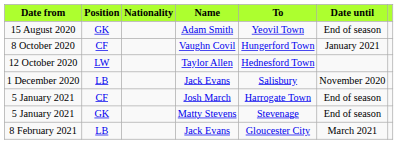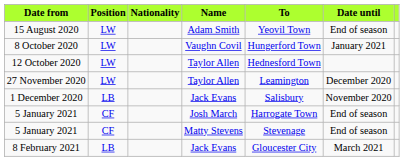 <table class="wikitable"  style="text-align:center; font-size:90%; ">
 <tr>
 <th style="background:#ADFF2F;color:black;">Date from</th>
 <th style="background:#ADFF2F;color:black;">Position</th>
 <th style="background:#ADFF2F;color:black;">Nationality</th>
 <th style="background:#ADFF2F;color:black;">Name</th>
 <th style="background:#ADFF2F;color:black;">To</th>
 <th style="background:#ADFF2F;color:black;">Date until</th>
 <th style="background:#ADFF2F;color:black;"></th>
 </tr>
 <tr>
 <td>15 August 2020</td>
-<td><a href='#'>GK</a></td>
+<td><a href='#'>LW</a></td>
 <td></td>
 <td><a href='#'>Adam Smith</a></td>
 <td> <a href='#'>Yeovil Town</a></td>
 <td>End of season</td>
 <td></td>
 </tr>
 <tr>
 <td>8 October 2020</td>
-<td><a href='#'>CF</a></td>
+<td><a href='#'>LW</a></td>
 <td></td>
 <td><a href='#'>Vaughn Covil</a></td>
 <td> <a href='#'>Hungerford Town</a></td>
 <td>January 2021</td>
 <td></td>
 </tr>
 <tr>
 <td>12 October 2020</td>
 <td><a href='#'>LW</a></td>
 <td></td>
 <td><a href='#'>Taylor Allen</a></td>
 <td> <a href='#'>Hednesford Town</a></td>
 <td></td>
+<td></td>
+</tr>
+<tr>
+<td>27 November 2020</td>
+<td><a href='#'>LW</a></td>
+<td></td>
+<td><a href='#'>Taylor Allen</a></td>
+<td> <a href='#'>Leamington</a></td>
+<td>December 2020</td>
 <td></td>
 </tr>
 <tr>
 <td>1 December 2020</td>
 <td><a href='#'>LB</a></td>
 <td></td>
 <td><a href='#'>Jack Evans</a></td>
 <td> <a href='#'>Salisbury</a></td>
 <td>November 2020</td>
 <td></td>
 </tr>
 <tr>
 <td>5 January 2021</td>
 <td><a href='#'>CF</a></td>
 <td></td>
 <td><a href='#'>Josh March</a></td>
 <td> <a href='#'>Harrogate Town</a></td>
 <td>End of season</td>
 <td></td>
 </tr>
 <tr>
 <td>5 January 2021</td>
-<td><a href='#'>GK</a></td>
+<td><a href='#'>CF</a></td>
 <td></td>
 <td><a href='#'>Matty Stevens</a></td>
 <td> <a href='#'>Stevenage</a></td>
 <td>End of season</td>
 <td></td>
 </tr>
 <tr>
 <td>8 February 2021</td>
 <td><a href='#'>LB</a></td>
 <td></td>
 <td><a href='#'>Jack Evans</a></td>
 <td> <a href='#'>Gloucester City</a></td>
 <td>March 2021</td>
 <td></td>
 </tr>
 </table>
